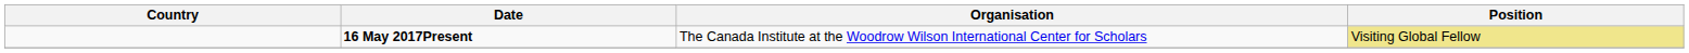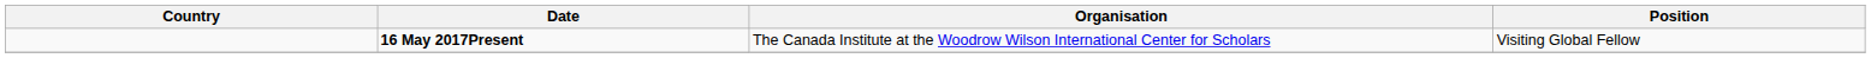 <table class="wikitable" style="width:100%;">
 <tr>
 <th style="width:20%;">Country</th>
 <th style="width:20%;">Date</th>
 <th style="width:40%;">Organisation</th>
 <th style="width:20%;">Position</th>
 </tr>
 <tr>
 <td></td>
 <td><strong>16 May 2017Present</strong></td>
 <td>The Canada Institute at the <a href='#'>Woodrow Wilson International Center for Scholars</a></td>
-<td style="background: khaki;">Visiting Global Fellow</td>
+<td>Visiting Global Fellow</td>
 </tr>
 <tr>
 </tr>
 </table>
